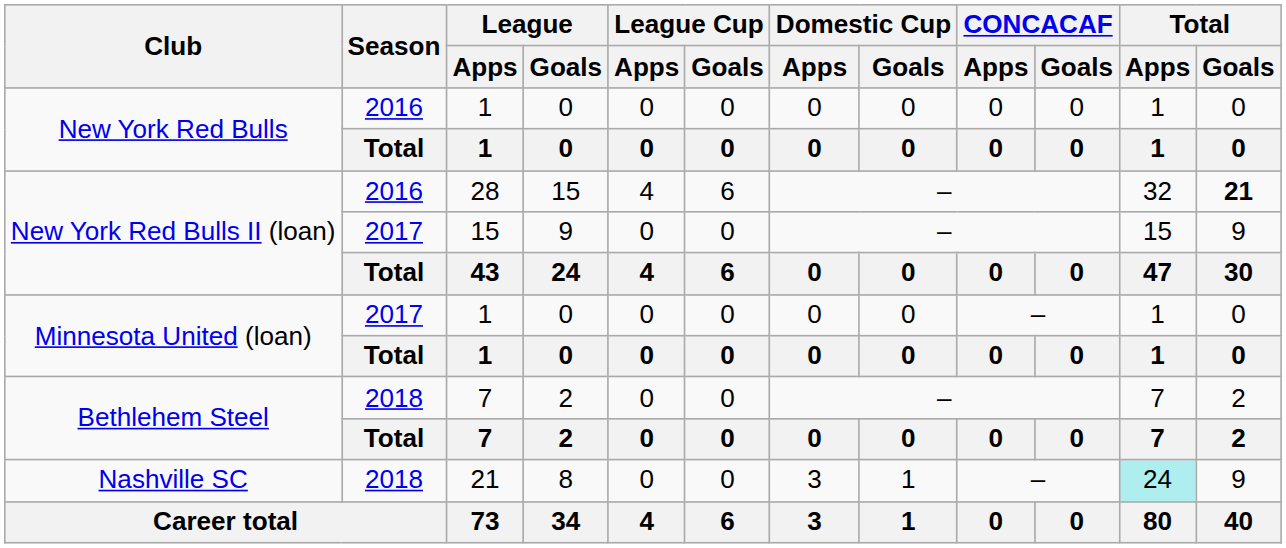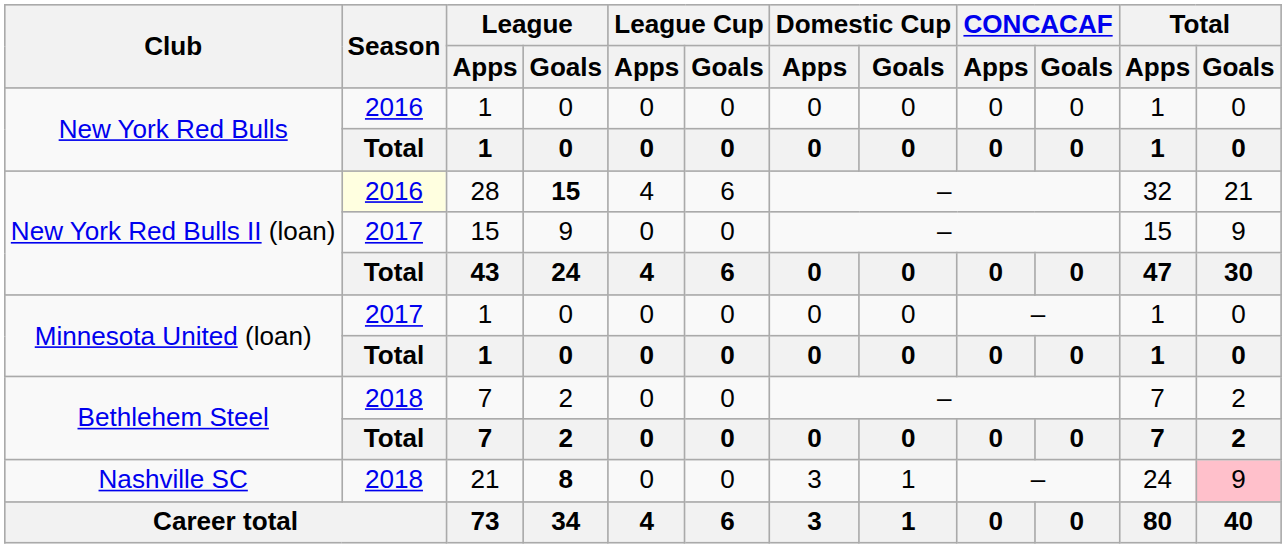 <table class="wikitable" style="text-align: center;">
 <tr>
 <th rowspan="2">Club</th>
 <th rowspan="2">Season</th>
 <th colspan="2">League</th>
 <th colspan="2">League Cup</th>
 <th colspan="2">Domestic Cup</th>
 <th colspan="2"><a href='#'>CONCACAF</a></th>
 <th colspan="2">Total</th>
 </tr>
 <tr>
 <th>Apps</th>
 <th>Goals</th>
 <th>Apps</th>
 <th>Goals</th>
 <th>Apps</th>
 <th>Goals</th>
 <th>Apps</th>
 <th>Goals</th>
 <th>Apps</th>
 <th>Goals</th>
 </tr>
 <tr>
 <td rowspan="2"><a href='#'>New York Red Bulls</a></td>
 <td><a href='#'>2016</a></td>
 <td>1</td>
 <td>0</td>
 <td>0</td>
 <td>0</td>
 <td>0</td>
 <td>0</td>
 <td>0</td>
 <td>0</td>
 <td>1</td>
 <td>0</td>
 </tr>
 <tr>
 <th>Total</th>
 <th>1</th>
 <th>0</th>
 <th>0</th>
 <th>0</th>
 <th>0</th>
 <th>0</th>
 <th>0</th>
 <th>0</th>
 <th>1</th>
 <th>0</th>
 </tr>
 <tr>
 <td rowspan="3"><a href='#'>New York Red Bulls II</a> (loan)</td>
-<td><a href='#'>2016</a></td>
+<td style="background: lightyellow;"><a href='#'>2016</a></td>
 <td>28</td>
-<td>15</td>
+<td><strong>15</strong></td>
 <td>4</td>
 <td>6</td>
 <td colspan="4">–</td>
 <td>32</td>
-<td><strong>21</strong></td>
+<td>21</td>
 </tr>
 <tr>
 <td><a href='#'>2017</a></td>
 <td>15</td>
 <td>9</td>
 <td>0</td>
 <td>0</td>
 <td colspan="4">–</td>
 <td>15</td>
 <td>9</td>
 </tr>
 <tr>
 <th>Total</th>
 <th>43</th>
 <th>24</th>
 <th>4</th>
 <th>6</th>
 <th>0</th>
 <th>0</th>
 <th>0</th>
 <th>0</th>
 <th>47</th>
 <th>30</th>
 </tr>
 <tr>
 <td rowspan="2"><a href='#'>Minnesota United</a> (loan)</td>
 <td><a href='#'>2017</a></td>
 <td>1</td>
 <td>0</td>
 <td>0</td>
 <td>0</td>
 <td>0</td>
 <td>0</td>
 <td colspan="2">–</td>
 <td>1</td>
 <td>0</td>
 </tr>
 <tr>
 <th>Total</th>
 <th>1</th>
 <th>0</th>
 <th>0</th>
 <th>0</th>
 <th>0</th>
 <th>0</th>
 <th>0</th>
 <th>0</th>
 <th>1</th>
 <th>0</th>
 </tr>
 <tr>
 <td rowspan="2"><a href='#'>Bethlehem Steel</a></td>
 <td><a href='#'>2018</a></td>
 <td>7</td>
 <td>2</td>
 <td>0</td>
 <td>0</td>
 <td colspan="4">–</td>
 <td>7</td>
 <td>2</td>
 </tr>
 <tr>
 <th>Total</th>
 <th>7</th>
 <th>2</th>
 <th>0</th>
 <th>0</th>
 <th>0</th>
 <th>0</th>
 <th>0</th>
 <th>0</th>
 <th>7</th>
 <th>2</th>
 </tr>
 <tr>
 <td rowspan="1"><a href='#'>Nashville SC</a></td>
 <td><a href='#'>2018</a></td>
 <td>21</td>
-<td>8</td>
+<td><strong>8</strong></td>
 <td>0</td>
 <td>0</td>
 <td>3</td>
 <td>1</td>
 <td colspan="2">–</td>
-<td style="background: paleturquoise;">24</td>
-<td>9</td>
+<td>24</td>
+<td style="background: pink;">9</td>
 </tr>
 <tr>
 <th colspan="2">Career total</th>
 <th>73</th>
 <th>34</th>
 <th>4</th>
 <th>6</th>
 <th>3</th>
 <th>1</th>
 <th>0</th>
 <th>0</th>
 <th>80</th>
 <th>40</th>
 </tr>
 </table>
